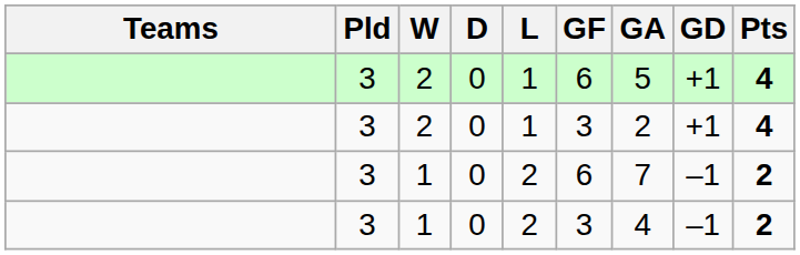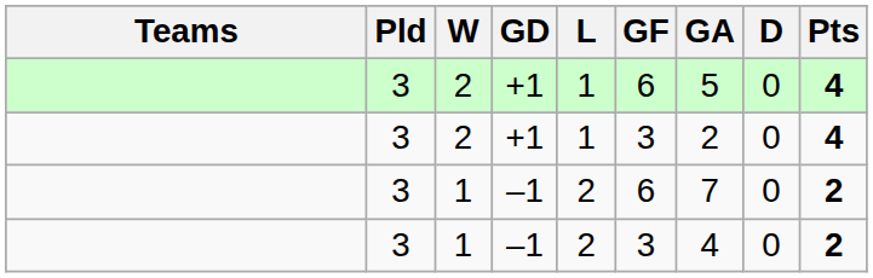 <table class="wikitable" style="text-align: center;">
 <tr>
 <th width=165>Teams</th>
 <th width=20>Pld</th>
 <th width=20>W</th>
-<th width=20>D</th>
+<th width=20>GD</th>
 <th width=20>L</th>
 <th width=20>GF</th>
 <th width=20>GA</th>
-<th width=20>GD</th>
+<th width=20>D</th>
 <th width=20>Pts</th>
 </tr>
 <tr align=center style="background:#ccffcc;">
 <td style="text-align:left;"></td>
 <td>3</td>
 <td>2</td>
-<td>0</td>
+<td>+1</td>
 <td>1</td>
 <td>6</td>
 <td>5</td>
-<td>+1</td>
+<td>0</td>
 <td><strong>4</strong></td>
 </tr>
 <tr align=center>
 <td style="text-align:left;"></td>
 <td>3</td>
 <td>2</td>
-<td>0</td>
+<td>+1</td>
 <td>1</td>
 <td>3</td>
 <td>2</td>
-<td>+1</td>
+<td>0</td>
 <td><strong>4</strong></td>
 </tr>
 <tr align=center>
 <td style="text-align:left;"></td>
 <td>3</td>
 <td>1</td>
-<td>0</td>
+<td>–1</td>
 <td>2</td>
 <td>6</td>
 <td>7</td>
-<td>–1</td>
+<td>0</td>
 <td><strong>2</strong></td>
 </tr>
 <tr align=center>
 <td style="text-align:left;"></td>
 <td>3</td>
 <td>1</td>
-<td>0</td>
+<td>–1</td>
 <td>2</td>
 <td>3</td>
 <td>4</td>
-<td>–1</td>
+<td>0</td>
 <td><strong>2</strong></td>
 </tr>
 </table>
